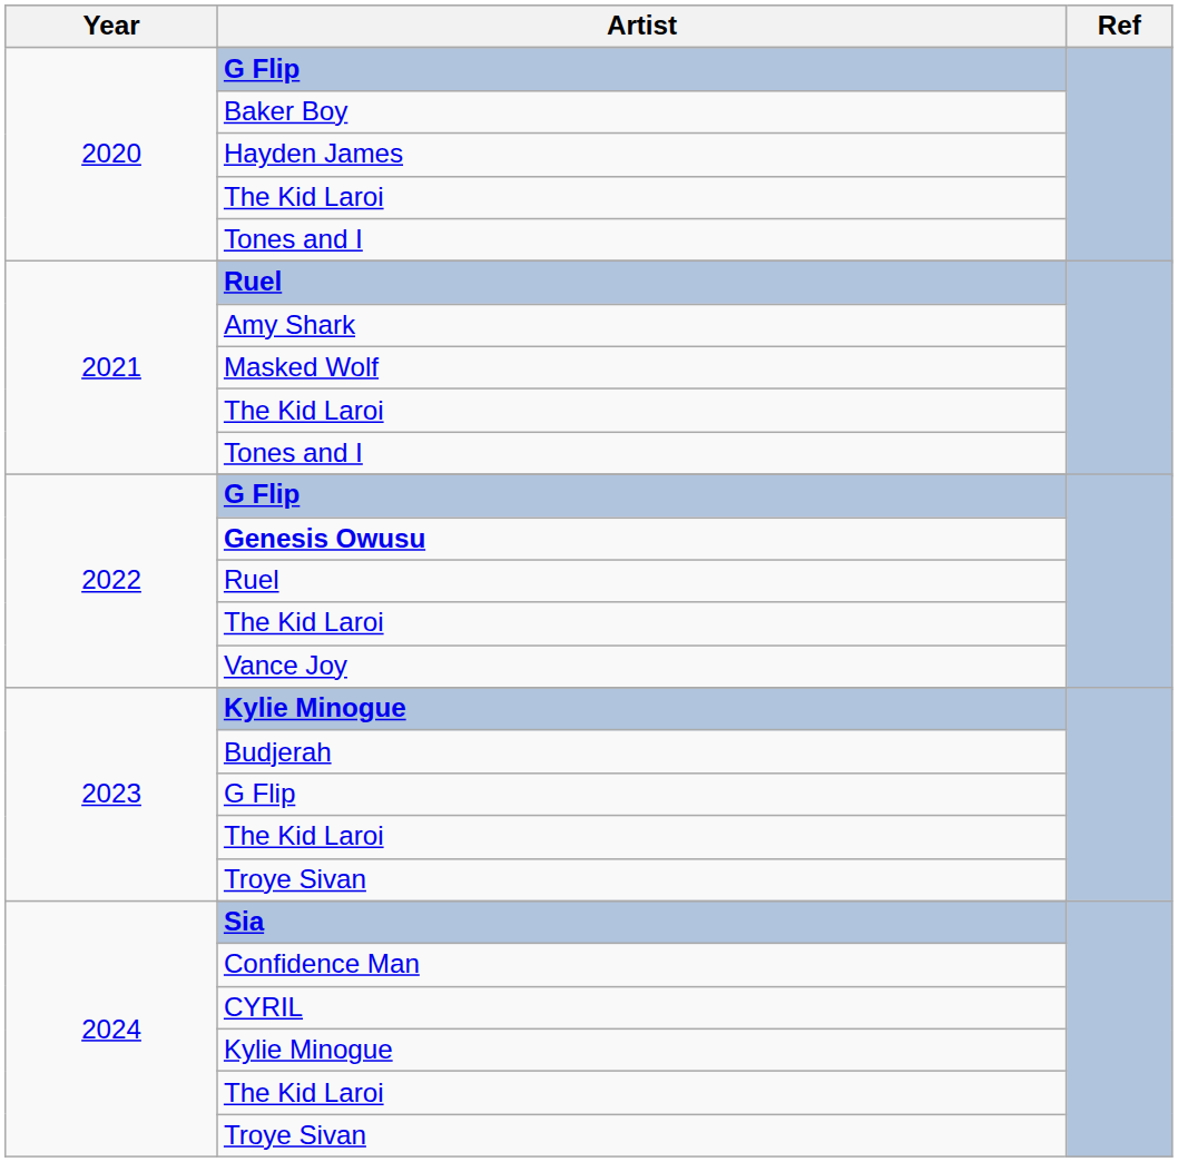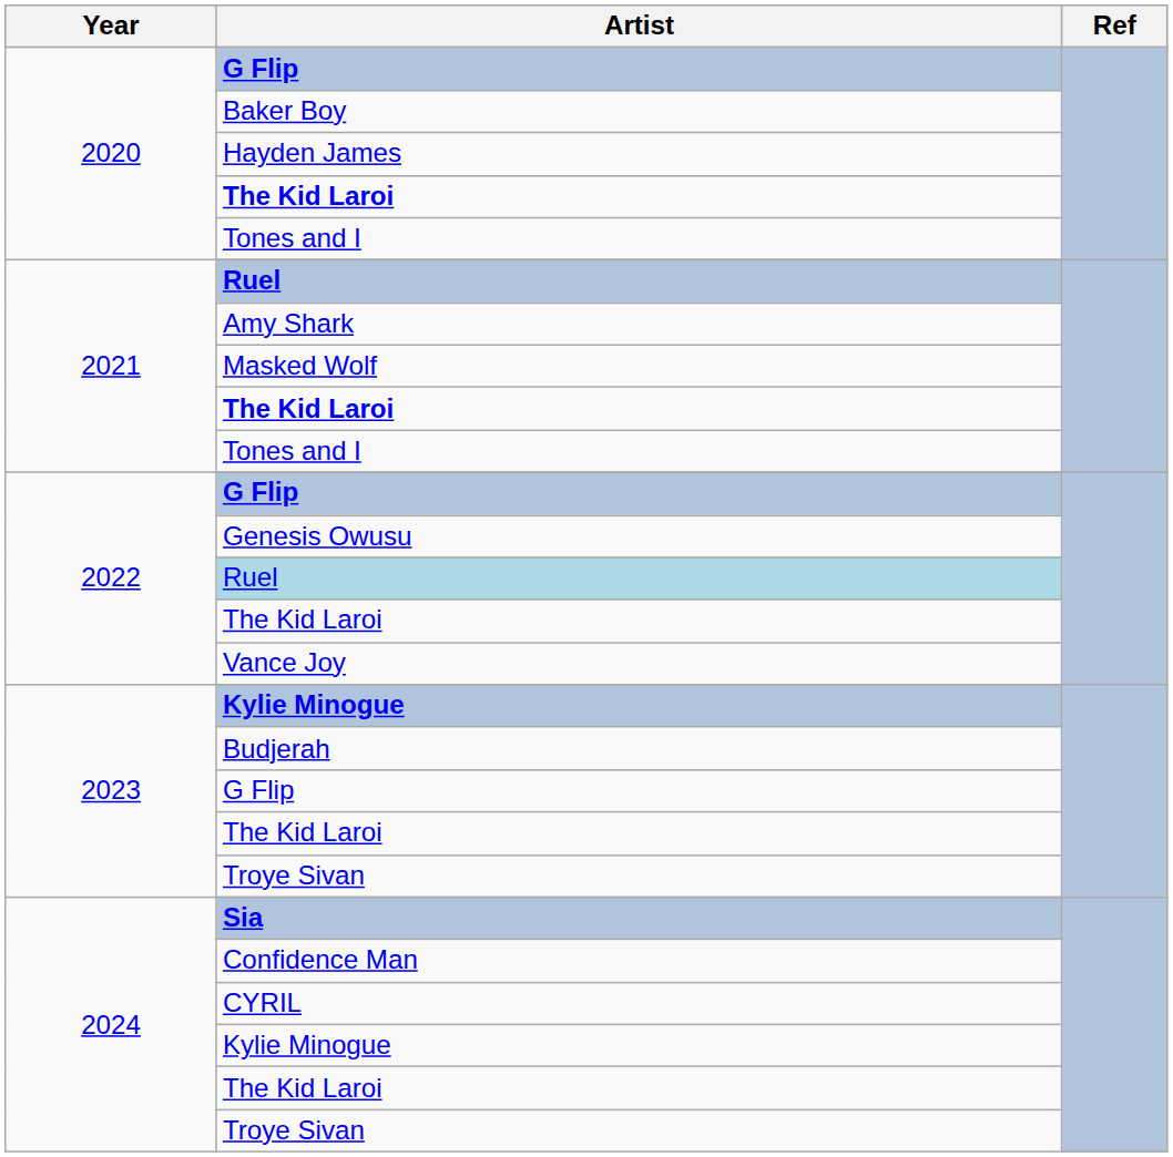 <table class="wikitable" style="width:55%;">
 <tr style="background:#bebebe;">
 <th style="width:10%;">Year</th>
 <th style="width:40%;">Artist</th>
 <th style="width:5%;">Ref</th>
 </tr>
 <tr>
 <td rowspan="6" align="center"><a href='#'>2020</a></td>
 </tr>
 <tr style="background:#B0C4DE">
 <td><strong><a href='#'>G Flip</a></strong></td>
 <td rowspan="6" align="center"></td>
 </tr>
 <tr>
 <td><a href='#'>Baker Boy</a></td>
 </tr>
 <tr>
 <td><a href='#'>Hayden James</a></td>
 </tr>
 <tr>
-<td><a href='#'>The Kid Laroi</a></td>
+<td><strong><a href='#'>The Kid Laroi</a></strong></td>
 </tr>
 <tr>
 <td><a href='#'>Tones and I</a></td>
 </tr>
 <tr>
 <td rowspan="6" align="center"><a href='#'>2021</a></td>
 </tr>
 <tr style="background:#B0C4DE">
 <td><strong><a href='#'>Ruel</a></strong></td>
 <td rowspan="6" align="center"></td>
 </tr>
 <tr>
 <td><a href='#'>Amy Shark</a></td>
 </tr>
 <tr>
 <td><a href='#'>Masked Wolf</a></td>
 </tr>
 <tr>
-<td><a href='#'>The Kid Laroi</a></td>
+<td><strong><a href='#'>The Kid Laroi</a></strong></td>
 </tr>
 <tr>
 <td><a href='#'>Tones and I</a></td>
 </tr>
 <tr>
 <td rowspan="6" align="center"><a href='#'>2022</a></td>
 </tr>
 <tr style="background:#B0C4DE">
 <td><strong><a href='#'>G Flip</a></strong></td>
 <td rowspan="6" align="center"></td>
 </tr>
 <tr>
-<td><strong><a href='#'>Genesis Owusu</a></strong></td>
+<td><a href='#'>Genesis Owusu</a></td>
 </tr>
 <tr>
-<td><a href='#'>Ruel</a></td>
+<td style="background: lightblue;"><a href='#'>Ruel</a></td>
 </tr>
 <tr>
 <td><a href='#'>The Kid Laroi</a></td>
 </tr>
 <tr>
 <td><a href='#'>Vance Joy</a></td>
 </tr>
 <tr>
 <td rowspan="6" align="center"><a href='#'>2023</a></td>
 </tr>
 <tr style="background:#B0C4DE">
 <td><strong><a href='#'>Kylie Minogue</a></strong></td>
 <td rowspan="6" align="center"></td>
 </tr>
 <tr>
 <td><a href='#'>Budjerah</a></td>
 </tr>
 <tr>
 <td><a href='#'>G Flip</a></td>
 </tr>
 <tr>
 <td><a href='#'>The Kid Laroi</a></td>
 </tr>
 <tr>
 <td><a href='#'>Troye Sivan</a></td>
 </tr>
 <tr>
 <td rowspan="7" align="center"><a href='#'>2024</a></td>
 </tr>
 <tr style="background:#B0C4DE">
 <td><strong><a href='#'>Sia</a></strong></td>
 <td rowspan="6" align="center"></td>
 </tr>
 <tr>
 <td><a href='#'>Confidence Man</a></td>
 </tr>
 <tr>
 <td><a href='#'>CYRIL</a></td>
 </tr>
 <tr>
 <td><a href='#'>Kylie Minogue</a></td>
 </tr>
 <tr>
 <td><a href='#'>The Kid Laroi</a></td>
 </tr>
 <tr>
 <td><a href='#'>Troye Sivan</a></td>
 </tr>
 </table>
